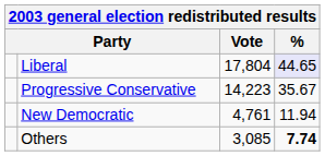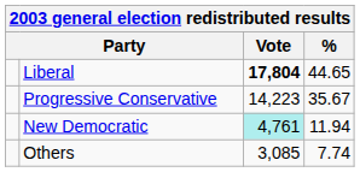 <table class="wikitable">
 <tr>
 <th colspan="4"><a href='#'>2003 general election</a> redistributed results</th>
 </tr>
 <tr>
 <th bgcolor="#DDDDFF" width="130px" colspan="2">Party</th>
 <th bgcolor="#DDDDFF" width="50px">Vote</th>
 <th bgcolor="#DDDDFF" width="30px">%</th>
 </tr>
 <tr>
 <td> </td>
 <td><a href='#'>Liberal</a></td>
-<td align=right>17,804</td>
-<td align=right style="background: lavender;">44.65</td>
+<td align=right><strong>17,804</strong></td>
+<td align=right>44.65</td>
 </tr>
 <tr>
 <td> </td>
 <td><a href='#'>Progressive Conservative</a></td>
 <td align=right>14,223</td>
 <td align=right>35.67</td>
 </tr>
 <tr>
 <td> </td>
 <td><a href='#'>New Democratic</a></td>
-<td align=right>4,761</td>
+<td align=right style="background: paleturquoise;">4,761</td>
 <td align=right>11.94</td>
 </tr>
 <tr>
 <td> </td>
 <td>Others</td>
 <td align=right>3,085</td>
-<td align=right><strong>7.74</strong></td>
+<td align=right>7.74</td>
 </tr>
 </table>
